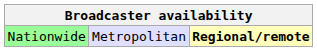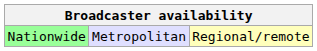 <table class="wikitable">
 <tr>
 <th colspan=3>Broadcaster availability</th>
 </tr>
 <tr>
 <td style="background:#9F9;"><abbr>Nationwide</abbr></td>
 <td style="background:#DFDFFF;"><abbr>Metropolitan</abbr></td>
-<td style="background:#FFB;"><strong><abbr>Regional/remote</abbr></strong></td>
+<td style="background:#FFB;"><abbr>Regional/remote</abbr></td>
 </tr>
 </table>
